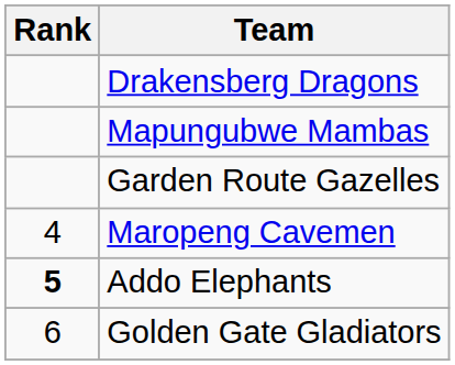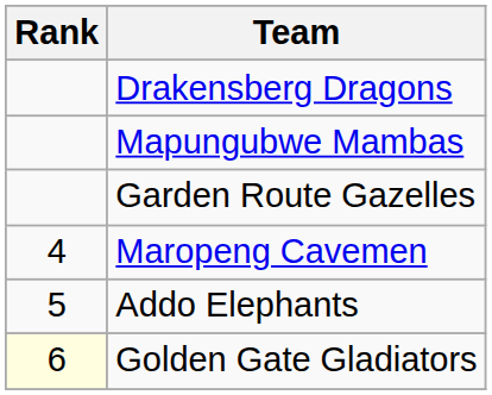 <table class="wikitable">
 <tr>
 <th style="width: 40px;">Rank</th>
 <th>Team</th>
 </tr>
 <tr>
 <td style="text-align: center;"></td>
 <td><a href='#'>Drakensberg Dragons</a></td>
 </tr>
 <tr>
 <td style="text-align: center;"></td>
 <td><a href='#'>Mapungubwe Mambas</a></td>
 </tr>
 <tr>
 <td style="text-align: center;"></td>
 <td>Garden Route Gazelles</td>
 </tr>
 <tr>
 <td style="text-align: center;">4</td>
 <td><a href='#'>Maropeng Cavemen</a></td>
 </tr>
 <tr>
-<td style="text-align: center;"><strong>5</strong></td>
+<td style="text-align: center;">5</td>
 <td>Addo Elephants</td>
 </tr>
 <tr>
-<td style="text-align: center;">6</td>
+<td style="background: lightyellow; text-align: center;">6</td>
 <td>Golden Gate Gladiators</td>
 </tr>
 </table>
